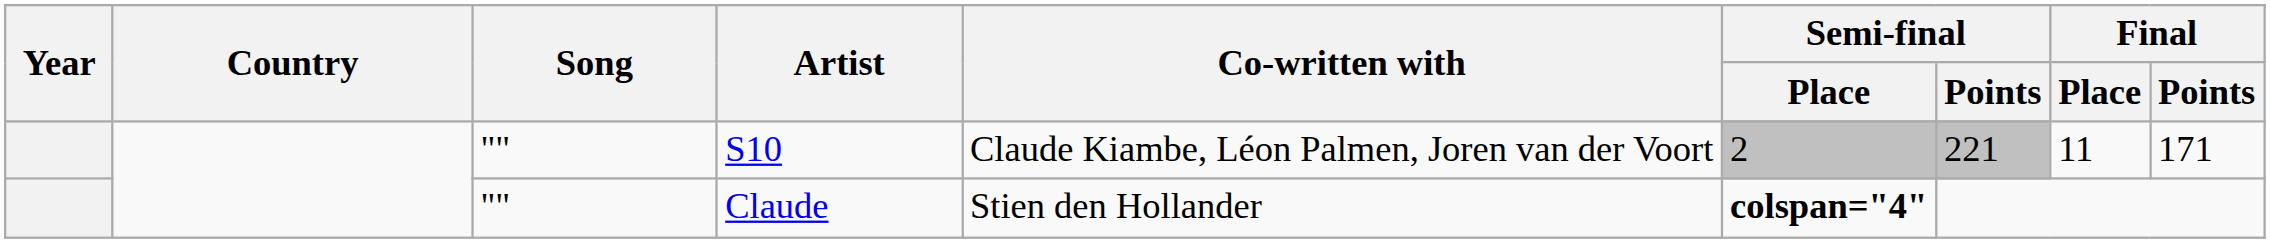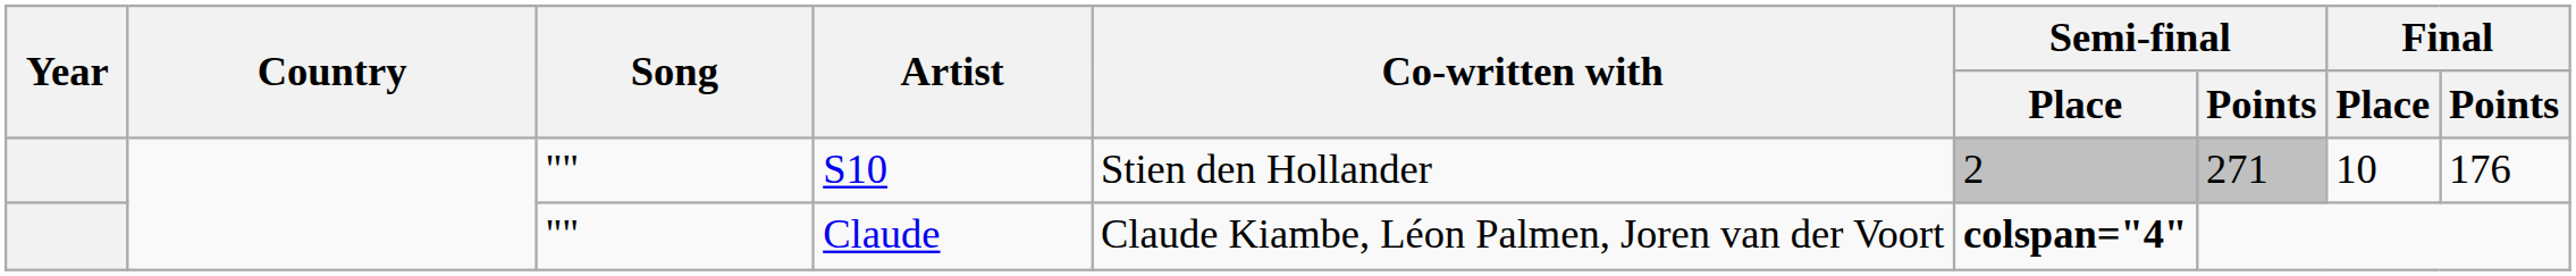 <table class="wikitable plainrowheaders">
 <tr>
 <th scope="col" rowspan="2" style="width:2.5em;">Year</th>
 <th scope="col" rowspan="2" width="150px">Country</th>
 <th scope="col" rowspan="2" width="100px">Song</th>
 <th scope="col" rowspan="2" width="100px">Artist</th>
 <th rowspan="2">Co-written with</th>
 <th colspan="2" scope="col">Semi-final</th>
 <th scope="col" colspan="2">Final</th>
 </tr>
 <tr>
 <th scope="col">Place</th>
 <th scope="col">Points</th>
 <th scope="col">Place</th>
 <th scope="col">Points</th>
 </tr>
 <tr>
 <th scope="row" style="text-align:center"></th>
 <td rowspan="2"></td>
 <td>""</td>
 <td><a href='#'>S10</a></td>
-<td>Claude Kiambe, Léon Palmen, Joren van der Voort</td>
+<td>Stien den Hollander</td>
 <td bgcolor="silver">2</td>
-<td bgcolor="silver">221</td>
-<td>11</td>
-<td>171</td>
+<td bgcolor="silver">271</td>
+<td>10</td>
+<td>176</td>
 </tr>
 <tr>
 <th scope="row" style="text-align:center"></th>
 <td>""</td>
 <td><a href='#'>Claude</a></td>
-<td>Stien den Hollander</td>
+<td>Claude Kiambe, Léon Palmen, Joren van der Voort</td>
 <td><strong>colspan="4" </strong></td>
 </tr>
 </table>
